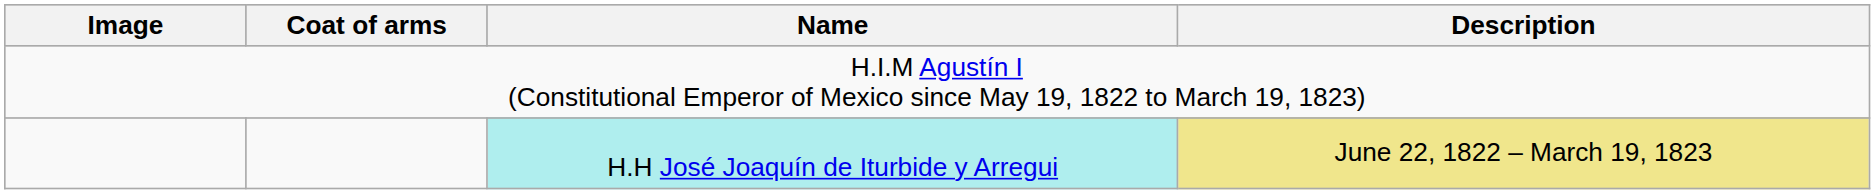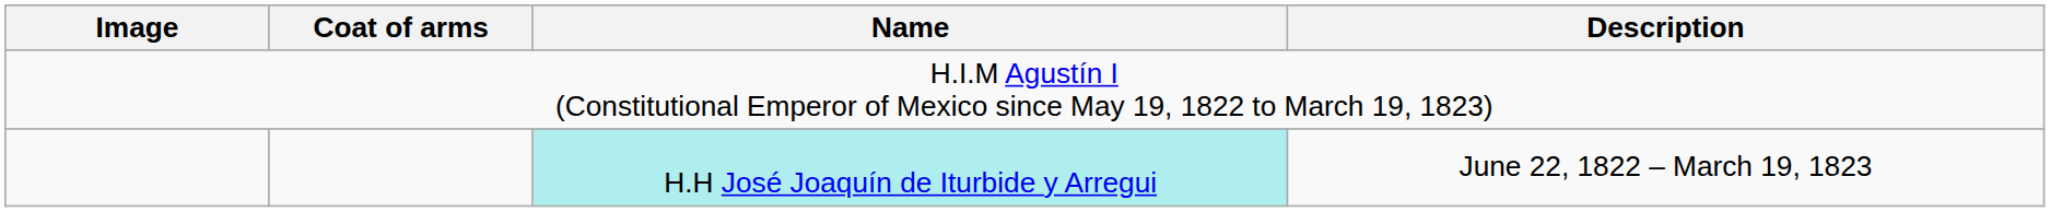 <table width=90% class="wikitable">
 <tr>
 <th width=100>Image</th>
 <th width=100>Coat of arms</th>
 <th width=300>Name</th>
 <th width=300>Description</th>
 </tr>
 <tr>
 <td colspan="4" align="center">H.I.M <a href='#'>Agustín I</a> <br>(Constitutional Emperor of Mexico since May 19, 1822 to March 19, 1823)</td>
 </tr>
 <tr>
 <td align="center"></td>
 <td align="center"></td>
 <td align="center" style="background: paleturquoise;"><br>H.H <a href='#'>José Joaquín de Iturbide y Arregui</a></td>
-<td align="center" style="background: khaki;">June 22, 1822 – March 19, 1823</td>
+<td align="center">June 22, 1822 – March 19, 1823</td>
 </tr>
 </table>
